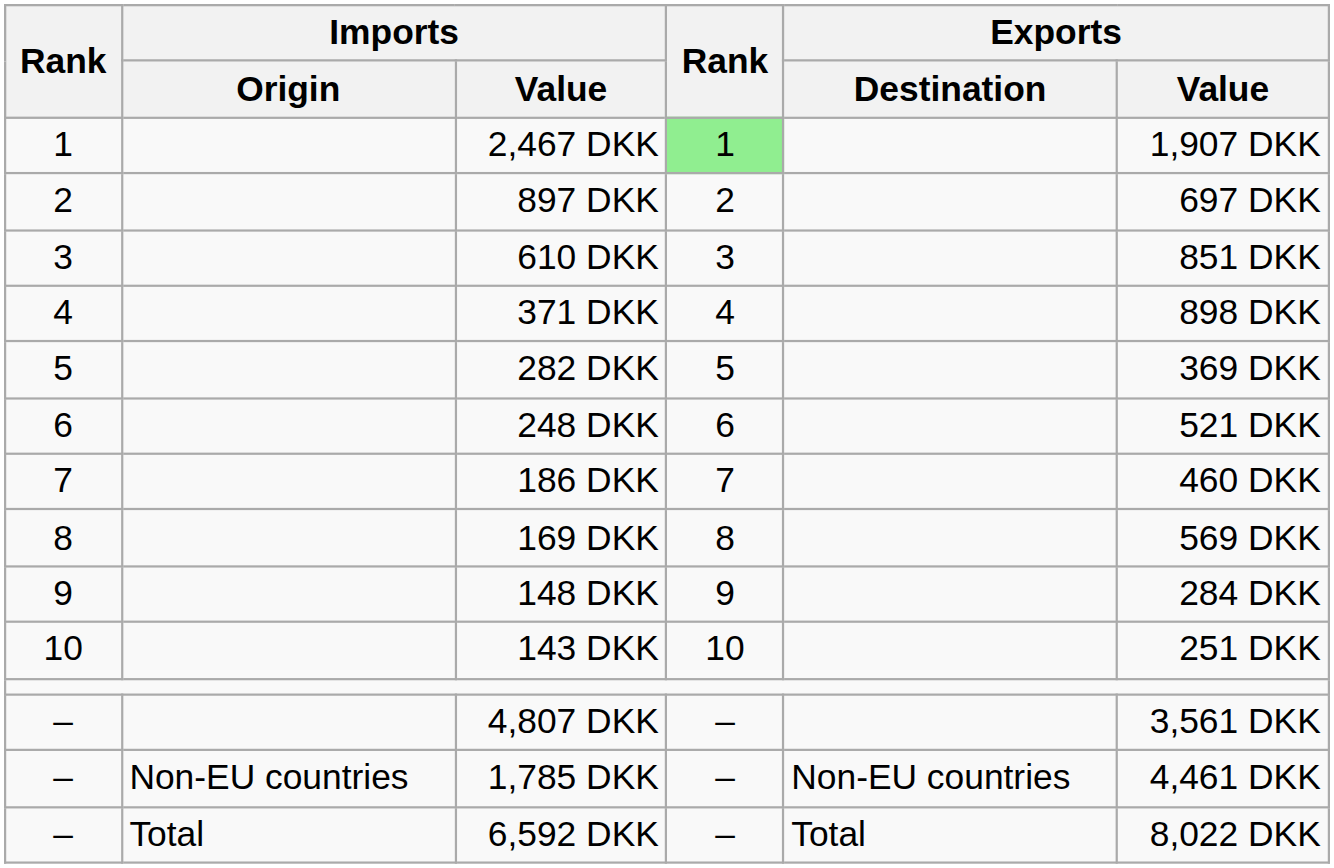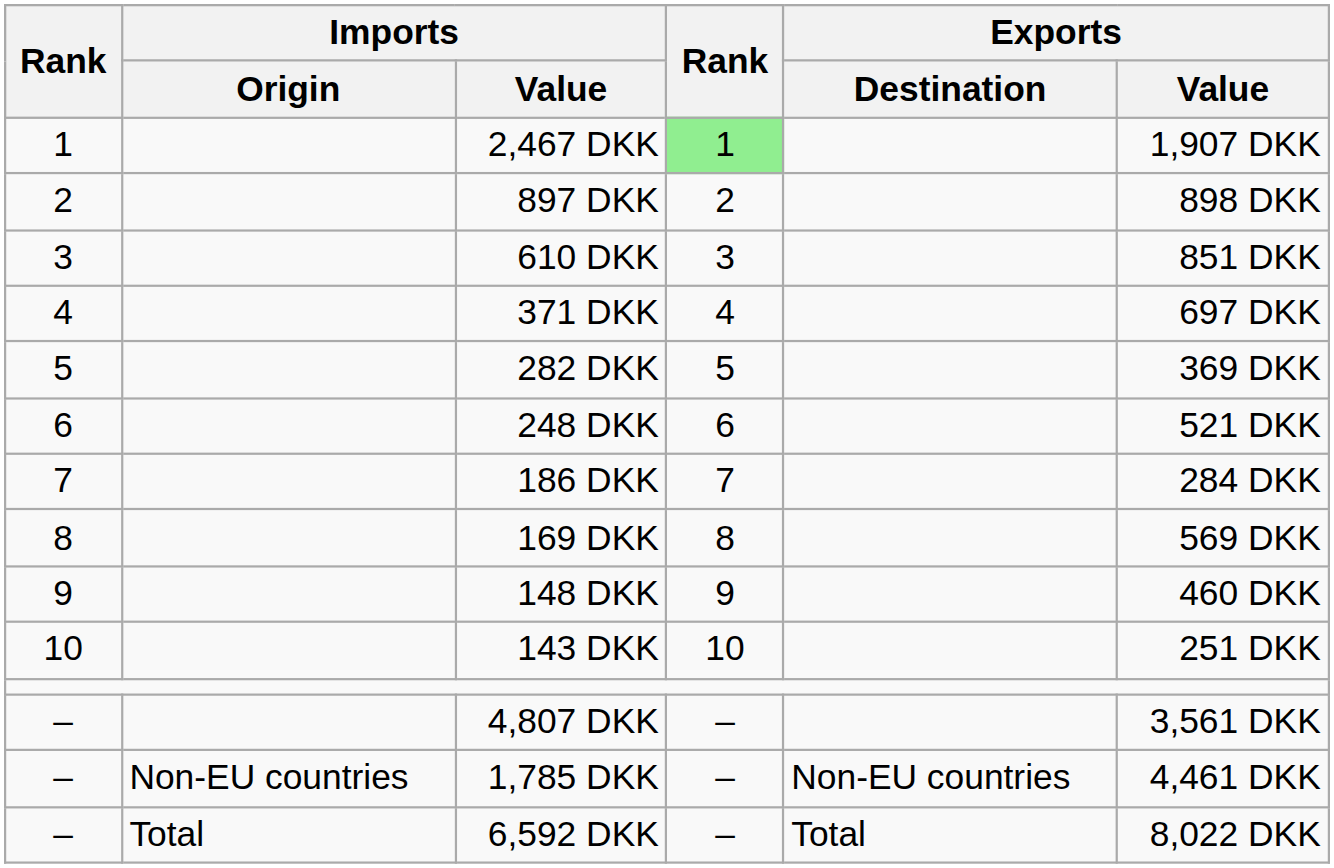 <table class="wikitable sortable" style="width:600px;">
 <tr style="background:#ccc; text-align:center; vertical-align:middle;">
 <th Rank rowspan="2">Rank</th>
 <th colspan="2" style="width:150px;">Imports</th>
 <th rowspan="2">Rank</th>
 <th colspan="2" style="width:150px;">Exports</th>
 </tr>
 <tr>
 <th>Origin</th>
 <th>Value</th>
 <th>Destination</th>
 <th>Value</th>
 </tr>
 <tr style="text-align:right;">
 <td style="text-align:center;">1</td>
 <td style="text-align:left;"></td>
 <td>2,467 DKK</td>
 <td style="background: lightgreen; text-align:center;">1</td>
 <td style="text-align:left;"></td>
 <td>1,907 DKK</td>
 </tr>
 <tr style="text-align:right;">
 <td style="text-align:center;">2</td>
 <td style="text-align:left;"></td>
 <td>897 DKK</td>
 <td style="text-align:center;">2</td>
 <td style="text-align:left;"></td>
-<td>697 DKK</td>
+<td>898 DKK</td>
 </tr>
 <tr style="text-align:right;">
 <td style="text-align:center;">3</td>
 <td style="text-align:left;"></td>
 <td>610 DKK</td>
 <td style="text-align:center;">3</td>
 <td style="text-align:left;"></td>
 <td>851 DKK</td>
 </tr>
 <tr style="text-align:right;">
 <td style="text-align:center;">4</td>
 <td style="text-align:left;"></td>
 <td>371 DKK</td>
 <td style="text-align:center;">4</td>
 <td style="text-align:left;"></td>
-<td>898 DKK</td>
+<td>697 DKK</td>
 </tr>
 <tr style="text-align:right;">
 <td style="text-align:center;">5</td>
 <td style="text-align:left;"></td>
 <td>282 DKK</td>
 <td style="text-align:center;">5</td>
 <td style="text-align:left;"></td>
 <td>369 DKK</td>
 </tr>
 <tr style="text-align:right;">
 <td style="text-align:center;">6</td>
 <td style="text-align:left;"></td>
 <td>248 DKK</td>
 <td style="text-align:center;">6</td>
 <td style="text-align:left;"></td>
 <td>521 DKK</td>
 </tr>
 <tr style="text-align:right;">
 <td style="text-align:center;">7</td>
 <td style="text-align:left;"></td>
 <td>186 DKK</td>
 <td style="text-align:center;">7</td>
 <td style="text-align:left;"></td>
-<td>460 DKK</td>
+<td>284 DKK</td>
 </tr>
 <tr style="text-align:right;">
 <td style="text-align:center;">8</td>
 <td style="text-align:left;"></td>
 <td>169 DKK</td>
 <td style="text-align:center;">8</td>
 <td style="text-align:left;"></td>
 <td>569 DKK</td>
 </tr>
 <tr style="text-align:right;">
 <td style="text-align:center;">9</td>
 <td style="text-align:left;"></td>
 <td>148 DKK</td>
 <td style="text-align:center;">9</td>
 <td style="text-align:left;"></td>
-<td>284 DKK</td>
+<td>460 DKK</td>
 </tr>
 <tr style="text-align:right;">
 <td style="text-align:center;">10</td>
 <td style="text-align:left;"></td>
 <td>143 DKK</td>
 <td style="text-align:center;">10</td>
 <td style="text-align:left;"></td>
 <td>251 DKK</td>
 </tr>
 <tr>
 <td colspan="6"></td>
 </tr>
 <tr style="text-align:right;">
 <td style="text-align:center;">–</td>
 <td style="text-align:left;"></td>
 <td>4,807 DKK</td>
 <td style="text-align:center;">–</td>
 <td style="text-align:left;"></td>
 <td>3,561 DKK</td>
 </tr>
 <tr style="text-align:right;">
 <td style="text-align:center;">–</td>
 <td style="text-align:left;">Non-EU countries</td>
 <td>1,785 DKK</td>
 <td style="text-align:center;">–</td>
 <td style="text-align:left;">Non-EU countries</td>
 <td>4,461 DKK</td>
 </tr>
 <tr style="text-align:right;">
 <td style="text-align:center;">–</td>
 <td style="text-align:left;">Total</td>
 <td>6,592 DKK</td>
 <td style="text-align:center;">–</td>
 <td style="text-align:left;">Total</td>
 <td>8,022 DKK</td>
 </tr>
 </table>
